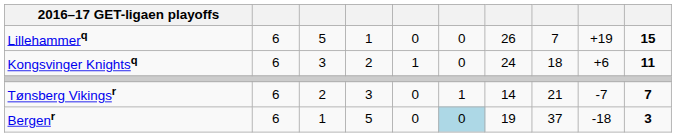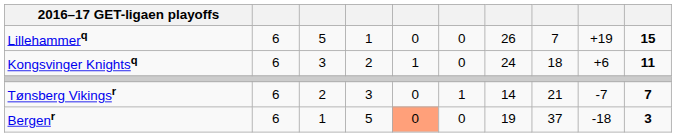 <table class="wikitable">
 <tr>
 <th style="width:18em;">2016–17 GET-ligaen playoffs</th>
 <th style="width:3em;"></th>
 <th style="width:3em;"></th>
 <th style="width:3em;"></th>
 <th style="width:3em;"></th>
 <th style="width:3em;"></th>
 <th style="width:3em;"></th>
 <th style="width:3em;"></th>
 <th style="width:3em;"></th>
 <th style="width:3em;"></th>
 </tr>
 <tr align=center>
 <td align=left><a href='#'>Lillehammer</a><sup><strong>q</strong></sup></td>
 <td>6</td>
 <td>5</td>
 <td>1</td>
 <td>0</td>
 <td>0</td>
 <td>26</td>
 <td>7</td>
 <td>+19</td>
 <td><strong>15</strong></td>
 </tr>
 <tr align=center>
 <td align=left><a href='#'>Kongsvinger Knights</a><sup><strong>q</strong></sup></td>
 <td>6</td>
 <td>3</td>
 <td>2</td>
 <td>1</td>
 <td>0</td>
 <td>24</td>
 <td>18</td>
 <td>+6</td>
 <td><strong>11</strong></td>
 </tr>
 <tr bgcolor="#cccccc" class="unsortable">
 <td colspan=10></td>
 </tr>
 <tr align=center>
 <td align=left><a href='#'>Tønsberg Vikings</a><sup><strong>r</strong></sup></td>
 <td>6</td>
 <td>2</td>
 <td>3</td>
 <td>0</td>
 <td>1</td>
 <td>14</td>
 <td>21</td>
 <td>-7</td>
 <td><strong>7</strong></td>
 </tr>
 <tr align=center>
 <td align=left><a href='#'>Bergen</a><sup><strong>r</strong></sup></td>
 <td>6</td>
 <td>1</td>
 <td>5</td>
+<td style="background: lightsalmon;">0</td>
 <td>0</td>
-<td style="background: lightblue;">0</td>
 <td>19</td>
 <td>37</td>
 <td>-18</td>
 <td><strong>3</strong></td>
 </tr>
 </table>
